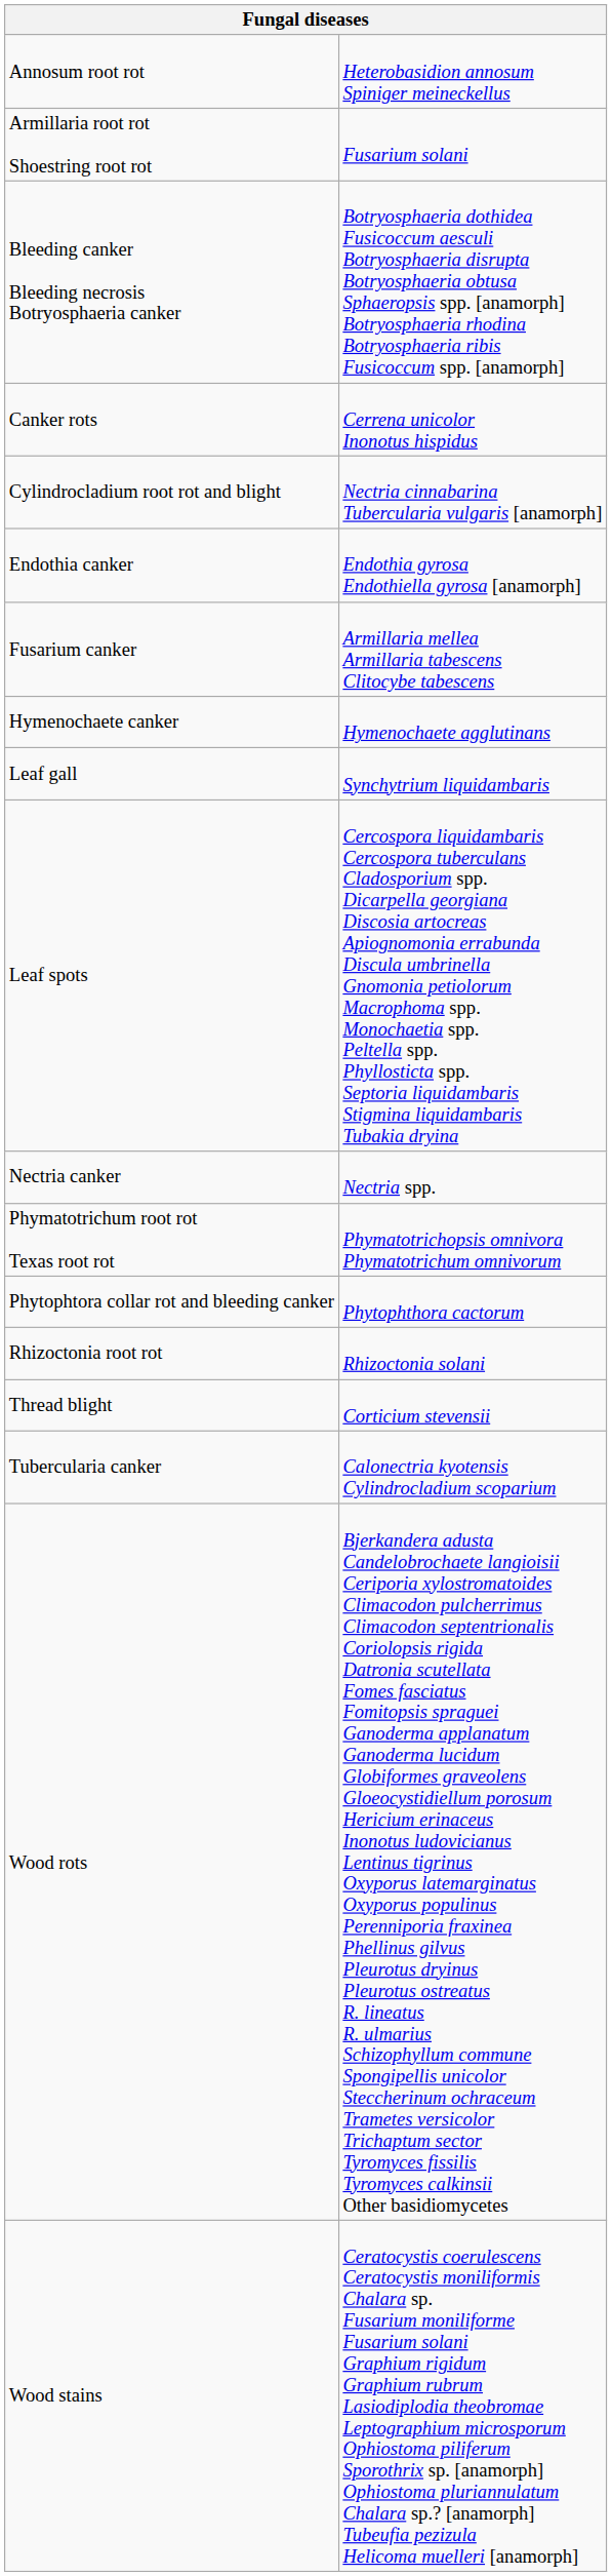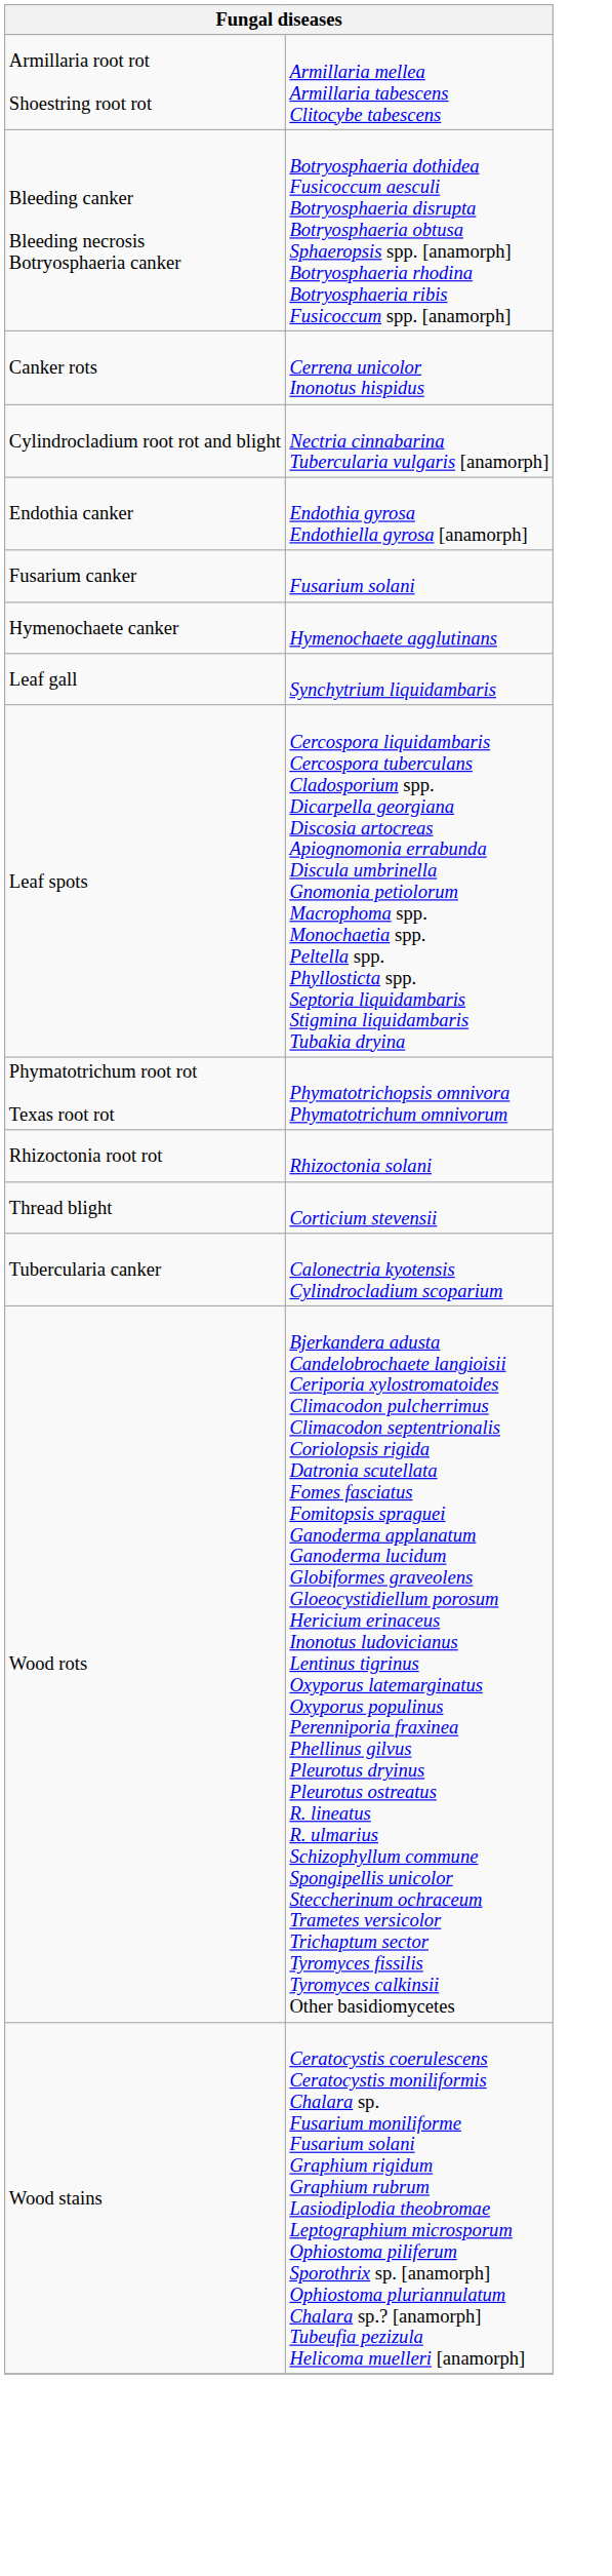 <table class="wikitable" style="clear">
 <tr>
 <th colspan=2><strong>Fungal diseases</strong></th>
 </tr>
 <tr>
-<td>Annosum root rot</td>
-<td><br><em><a href='#'>Heterobasidion annosum</a></em><br> <em><a href='#'>Spiniger meineckellus</a></em> </td>
-</tr>
-<tr>
 <td>Armillaria root rot<br><br>Shoestring root rot</td>
-<td><br><em><a href='#'>Fusarium solani</a></em></td>
+<td><br><em><a href='#'>Armillaria mellea</a></em><br> <em><a href='#'>Armillaria tabescens</a></em> <br>  <em><a href='#'>Clitocybe tabescens</a></em></td>
 </tr>
 <tr>
 <td>Bleeding canker<br><br>Bleeding necrosis<br> Botryosphaeria canker</td>
 <td><br><em><a href='#'>Botryosphaeria dothidea</a></em><br> <em><a href='#'>Fusicoccum aesculi</a></em> <br> <em><a href='#'>Botryosphaeria disrupta</a></em><br> <em><a href='#'>Botryosphaeria obtusa</a></em> <br> <em><a href='#'>Sphaeropsis</a></em> spp. [anamorph]<br> <em><a href='#'>Botryosphaeria rhodina</a></em><br> <em><a href='#'>Botryosphaeria ribis</a></em><br> <em><a href='#'>Fusicoccum</a></em> spp. [anamorph]</td>
 </tr>
 <tr>
 <td>Canker rots</td>
 <td><br><em><a href='#'>Cerrena unicolor</a></em><br> <em><a href='#'>Inonotus hispidus</a></em></td>
 </tr>
 <tr>
 <td>Cylindrocladium root rot and blight</td>
 <td><br><em><a href='#'>Nectria cinnabarina</a></em><br> <em><a href='#'>Tubercularia vulgaris</a></em> [anamorph]</td>
 </tr>
 <tr>
 <td>Endothia canker</td>
 <td><br><em><a href='#'>Endothia gyrosa</a></em><br> <em><a href='#'>Endothiella gyrosa</a></em> [anamorph]</td>
 </tr>
 <tr>
 <td>Fusarium canker</td>
-<td><br><em><a href='#'>Armillaria mellea</a></em><br> <em><a href='#'>Armillaria tabescens</a></em> <br>  <em><a href='#'>Clitocybe tabescens</a></em></td>
+<td><br><em><a href='#'>Fusarium solani</a></em></td>
 </tr>
 <tr>
 <td>Hymenochaete canker</td>
 <td><br><em><a href='#'>Hymenochaete agglutinans</a></em></td>
 </tr>
 <tr>
 <td>Leaf gall</td>
 <td><br><em><a href='#'>Synchytrium liquidambaris</a></em></td>
 </tr>
 <tr>
 <td>Leaf spots</td>
 <td><br><em><a href='#'>Cercospora liquidambaris</a></em><br> <em><a href='#'>Cercospora tuberculans</a></em><br> <em><a href='#'>Cladosporium</a></em> spp. <br> <em><a href='#'>Dicarpella georgiana</a></em><br> <em><a href='#'>Discosia artocreas</a></em><br> <em><a href='#'>Apiognomonia errabunda</a></em><br> <em><a href='#'>Discula umbrinella</a></em> <br> <em><a href='#'>Gnomonia petiolorum</a></em><br> <em><a href='#'>Macrophoma</a></em> spp. <br> <em><a href='#'>Monochaetia</a></em> spp. <br> <em><a href='#'>Peltella</a></em> spp. <br> <em><a href='#'>Phyllosticta</a></em> spp. <br> <em><a href='#'>Septoria liquidambaris</a></em><br> <em><a href='#'>Stigmina liquidambaris</a></em><br> <em><a href='#'>Tubakia dryina</a></em></td>
 </tr>
 <tr>
-<td>Nectria canker</td>
-<td><br><em><a href='#'>Nectria</a></em> spp.</td>
-</tr>
-<tr>
 <td>Phymatotrichum root rot<br><br>Texas root rot</td>
 <td><br><em><a href='#'>Phymatotrichopsis omnivora</a></em> <br>  <em><a href='#'>Phymatotrichum omnivorum</a></em></td>
-</tr>
-<tr>
-<td>Phytophtora collar rot and bleeding canker</td>
-<td><br><em><a href='#'>Phytophthora cactorum</a></em></td>
 </tr>
 <tr>
 <td>Rhizoctonia root rot</td>
 <td><br><em><a href='#'>Rhizoctonia solani</a></em></td>
 </tr>
 <tr>
 <td>Thread blight</td>
 <td><br><em><a href='#'>Corticium stevensii</a></em></td>
 </tr>
 <tr>
 <td>Tubercularia canker</td>
 <td><br><em><a href='#'>Calonectria kyotensis</a></em><br> <em><a href='#'>Cylindrocladium scoparium</a></em> </td>
 </tr>
 <tr>
 <td>Wood rots</td>
 <td><br><em><a href='#'>Bjerkandera adusta</a></em><br> <em><a href='#'>Candelobrochaete langioisii</a></em><br> <em><a href='#'>Ceriporia xylostromatoides</a></em><br> <em><a href='#'>Climacodon pulcherrimus</a></em><br> <em><a href='#'>Climacodon septentrionalis</a></em><br> <em><a href='#'>Coriolopsis rigida</a></em><br> <em><a href='#'>Datronia scutellata</a></em><br> <em><a href='#'>Fomes fasciatus</a></em><br> <em><a href='#'>Fomitopsis spraguei</a></em><br> <em><a href='#'>Ganoderma applanatum</a></em><br> <em><a href='#'>Ganoderma lucidum</a></em><br> <em><a href='#'>Globiformes graveolens</a></em><br> <em><a href='#'>Gloeocystidiellum porosum</a></em><br> <em><a href='#'>Hericium erinaceus</a></em><br> <em><a href='#'>Inonotus ludovicianus</a></em><br> <em><a href='#'>Lentinus tigrinus</a></em><br> <em><a href='#'>Oxyporus latemarginatus</a></em><br> <em><a href='#'>Oxyporus populinus</a></em><br> <em><a href='#'>Perenniporia fraxinea</a></em><br> <em><a href='#'>Phellinus gilvus</a></em><br> <em><a href='#'>Pleurotus dryinus</a></em><br> <em><a href='#'>Pleurotus ostreatus</a></em><br> <em><a href='#'>R. lineatus</a></em><br> <em><a href='#'>R. ulmarius</a></em><br> <em><a href='#'>Schizophyllum commune</a></em><br> <em><a href='#'>Spongipellis unicolor</a></em><br> <em><a href='#'>Steccherinum ochraceum</a></em><br> <em><a href='#'>Trametes versicolor</a></em><br> <em><a href='#'>Trichaptum sector</a></em><br> <em><a href='#'>Tyromyces fissilis</a></em><br> <em><a href='#'>Tyromyces calkinsii</a></em><br> Other basidiomycetes</td>
 </tr>
 <tr>
 <td>Wood stains</td>
 <td><br><em><a href='#'>Ceratocystis coerulescens</a></em><br> <em><a href='#'>Ceratocystis moniliformis</a></em><br> <em><a href='#'>Chalara</a></em> sp. <br> <em><a href='#'>Fusarium moniliforme</a></em><br> <em><a href='#'>Fusarium solani</a></em><br> <em><a href='#'>Graphium rigidum</a></em><br> <em><a href='#'>Graphium rubrum</a></em><br> <em><a href='#'>Lasiodiplodia theobromae</a></em><br> <em><a href='#'>Leptographium microsporum</a></em><br> <em><a href='#'>Ophiostoma piliferum</a></em><br> <em><a href='#'>Sporothrix</a></em> sp. [anamorph] <br> <em><a href='#'>Ophiostoma pluriannulatum</a></em><br> <em><a href='#'>Chalara</a></em> sp.? [anamorph]<br> <em><a href='#'>Tubeufia pezizula</a></em><br> <em><a href='#'>Helicoma muelleri</a></em> [anamorph]</td>
 </tr>
 <tr>
 </tr>
 </table>
